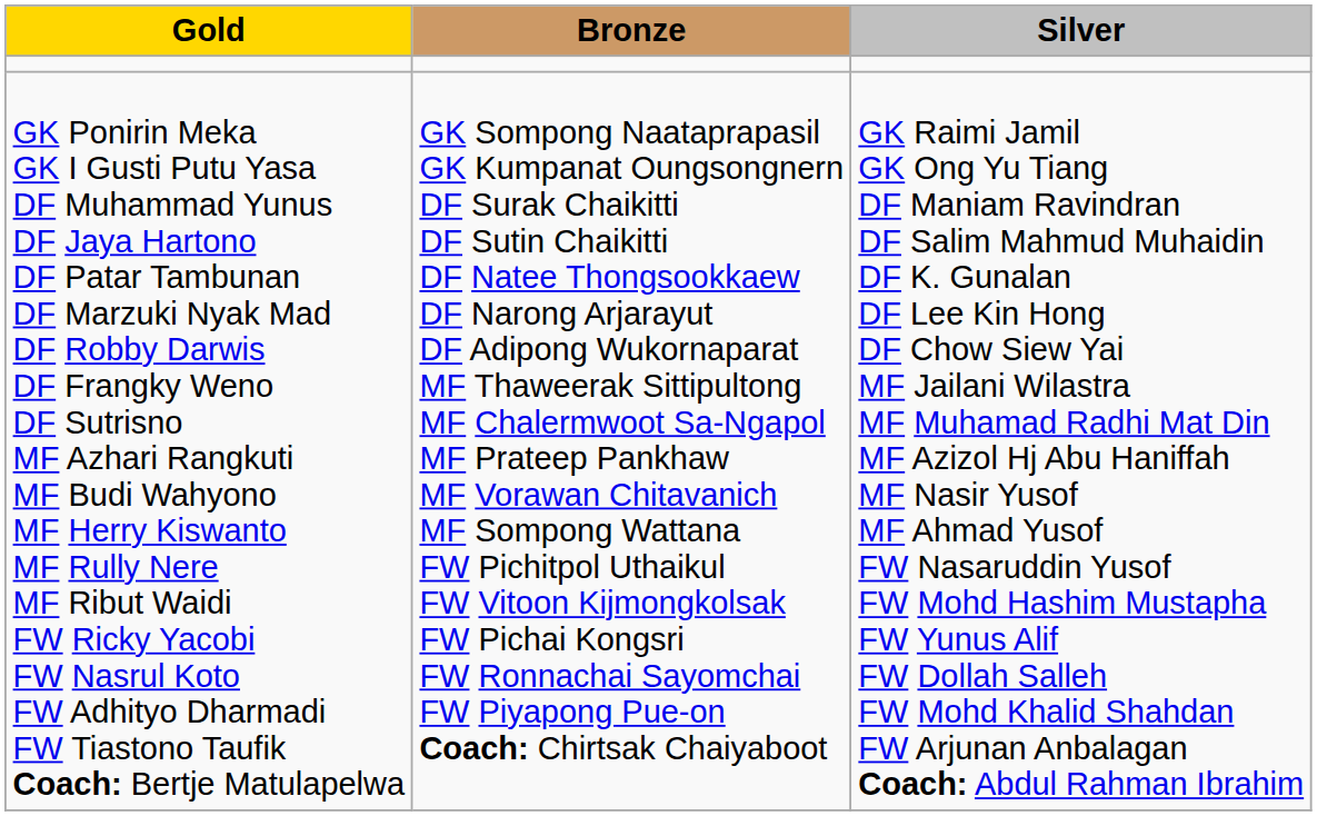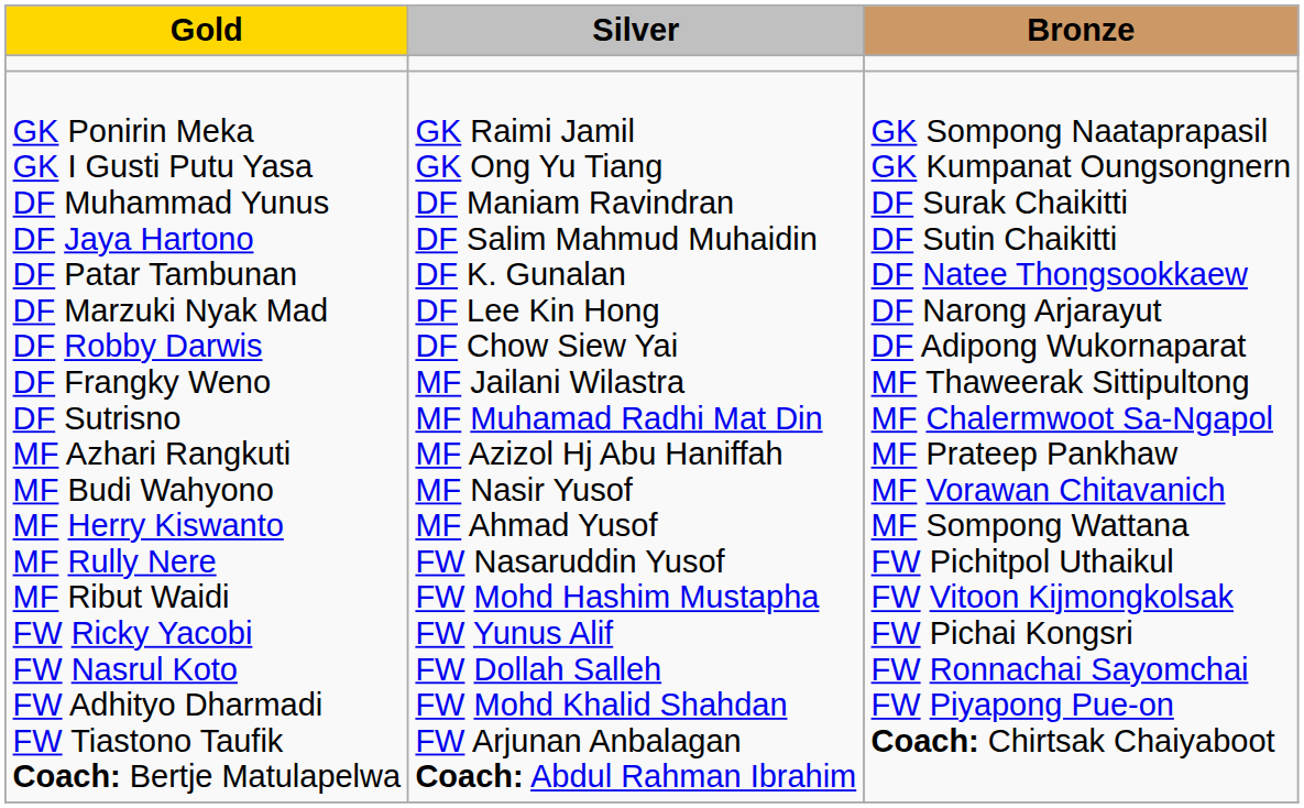 <table class="wikitable">
 <tr>
 <th style="background: gold">Gold</th>
+<th style="background: silver">Silver</th>
 <th style="background: #cc9966">Bronze</th>
-<th style="background: silver">Silver</th>
 </tr>
 <tr>
 <td align="center"></td>
 <td align="center"></td>
 <td align="center"></td>
 </tr>
 <tr>
 <td valign="top"><br><a href='#'>GK</a> Ponirin Meka<br> <a href='#'>GK</a> I Gusti Putu Yasa <br> <a href='#'>DF</a> Muhammad Yunus <br> <a href='#'>DF</a> <a href='#'>Jaya Hartono</a> <br>  <a href='#'>DF</a> Patar Tambunan <br> <a href='#'>DF</a> Marzuki Nyak Mad <br> <a href='#'>DF</a> <a href='#'>Robby Darwis</a> <br> <a href='#'>DF</a> Frangky Weno <br> <a href='#'>DF</a> Sutrisno <br> <a href='#'>MF</a> Azhari Rangkuti <br>  <a href='#'>MF</a> Budi Wahyono <br>  <a href='#'>MF</a> <a href='#'>Herry Kiswanto</a> <br>  <a href='#'>MF</a> <a href='#'>Rully Nere</a> <br> <a href='#'>MF</a> Ribut Waidi <br> <a href='#'>FW</a> <a href='#'>Ricky Yacobi</a> <br> <a href='#'>FW</a> <a href='#'>Nasrul Koto</a> <br> <a href='#'>FW</a> Adhityo Dharmadi <br> <a href='#'>FW</a> Tiastono Taufik <br> <strong>Coach:</strong> Bertje Matulapelwa</td>
+<td valign="top"><br><a href='#'>GK</a> Raimi Jamil <br> <a href='#'>GK</a> Ong Yu Tiang <br> <a href='#'>DF</a> Maniam Ravindran <br> <a href='#'>DF</a> Salim Mahmud Muhaidin <br> <a href='#'>DF</a> K. Gunalan <br> <a href='#'>DF</a> Lee Kin Hong <br> <a href='#'>DF</a> Chow Siew Yai <br>  <a href='#'>MF</a> Jailani Wilastra <br>  <a href='#'>MF</a> <a href='#'>Muhamad Radhi Mat Din</a> <br>  <a href='#'>MF</a> Azizol Hj Abu Haniffah <br> <a href='#'>MF</a> Nasir Yusof <br> <a href='#'>MF</a> Ahmad Yusof <br> <a href='#'>FW</a> Nasaruddin Yusof <br> <a href='#'>FW</a> <a href='#'>Mohd Hashim Mustapha</a> <br> <a href='#'>FW</a> <a href='#'>Yunus Alif</a> <br> <a href='#'>FW</a> <a href='#'>Dollah Salleh</a> <br> <a href='#'>FW</a> <a href='#'>Mohd Khalid Shahdan</a> <br> <a href='#'>FW</a> Arjunan Anbalagan <br> <strong>Coach:</strong> <a href='#'>Abdul Rahman Ibrahim</a></td>
 <td valign="top"><br><a href='#'>GK</a> Sompong Naataprapasil <br> <a href='#'>GK</a> Kumpanat Oungsongnern <br> <a href='#'>DF</a> Surak Chaikitti <br> <a href='#'>DF</a> Sutin Chaikitti <br> <a href='#'>DF</a> <a href='#'>Natee Thongsookkaew</a> <br> <a href='#'>DF</a> Narong Arjarayut <br> <a href='#'>DF</a> Adipong Wukornaparat <br> <a href='#'>MF</a> Thaweerak Sittipultong <br> <a href='#'>MF</a> <a href='#'>Chalermwoot Sa-Ngapol</a> <br> <a href='#'>MF</a> Prateep Pankhaw <br> <a href='#'>MF</a> <a href='#'>Vorawan Chitavanich</a> <br>  <a href='#'>MF</a> Sompong Wattana <br> <a href='#'>FW</a> Pichitpol Uthaikul <br> <a href='#'>FW</a> <a href='#'>Vitoon Kijmongkolsak</a> <br> <a href='#'>FW</a> Pichai Kongsri <br> <a href='#'>FW</a> <a href='#'>Ronnachai Sayomchai</a> <br> <a href='#'>FW</a> <a href='#'>Piyapong Pue-on</a> <br> <strong>Coach:</strong> Chirtsak Chaiyaboot</td>
-<td valign="top"><br><a href='#'>GK</a> Raimi Jamil <br> <a href='#'>GK</a> Ong Yu Tiang <br> <a href='#'>DF</a> Maniam Ravindran <br> <a href='#'>DF</a> Salim Mahmud Muhaidin <br> <a href='#'>DF</a> K. Gunalan <br> <a href='#'>DF</a> Lee Kin Hong <br> <a href='#'>DF</a> Chow Siew Yai <br>  <a href='#'>MF</a> Jailani Wilastra <br>  <a href='#'>MF</a> <a href='#'>Muhamad Radhi Mat Din</a> <br>  <a href='#'>MF</a> Azizol Hj Abu Haniffah <br> <a href='#'>MF</a> Nasir Yusof <br> <a href='#'>MF</a> Ahmad Yusof <br> <a href='#'>FW</a> Nasaruddin Yusof <br> <a href='#'>FW</a> <a href='#'>Mohd Hashim Mustapha</a> <br> <a href='#'>FW</a> <a href='#'>Yunus Alif</a> <br> <a href='#'>FW</a> <a href='#'>Dollah Salleh</a> <br> <a href='#'>FW</a> <a href='#'>Mohd Khalid Shahdan</a> <br> <a href='#'>FW</a> Arjunan Anbalagan <br> <strong>Coach:</strong> <a href='#'>Abdul Rahman Ibrahim</a></td>
 </tr>
 </table>
